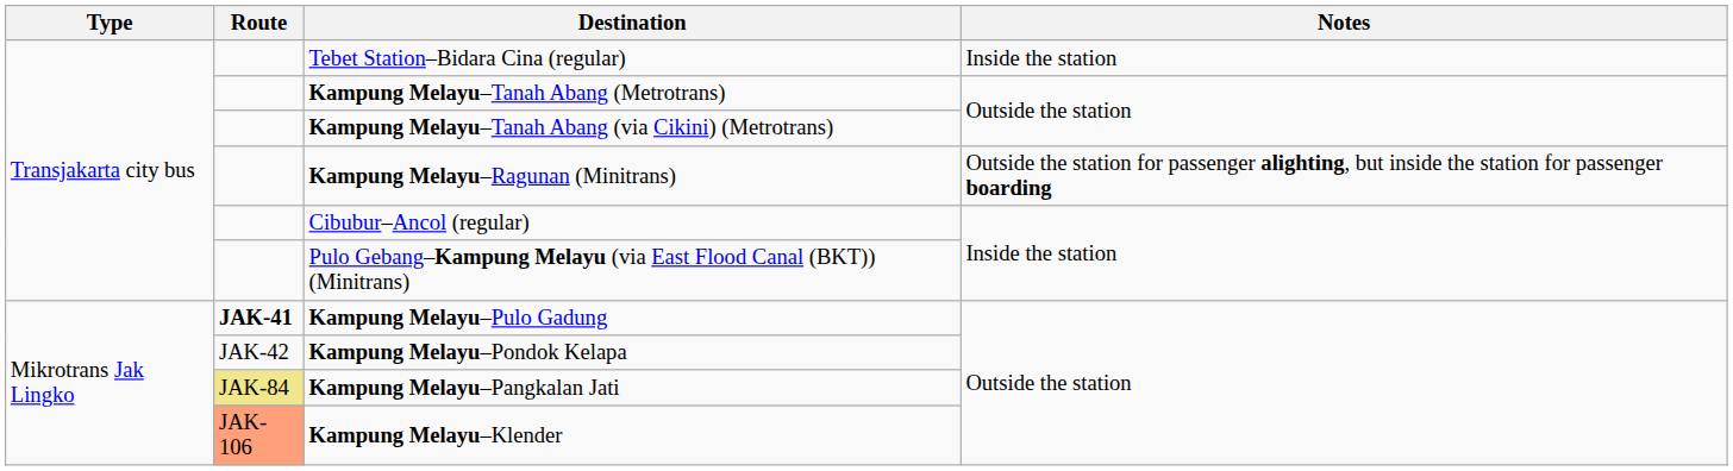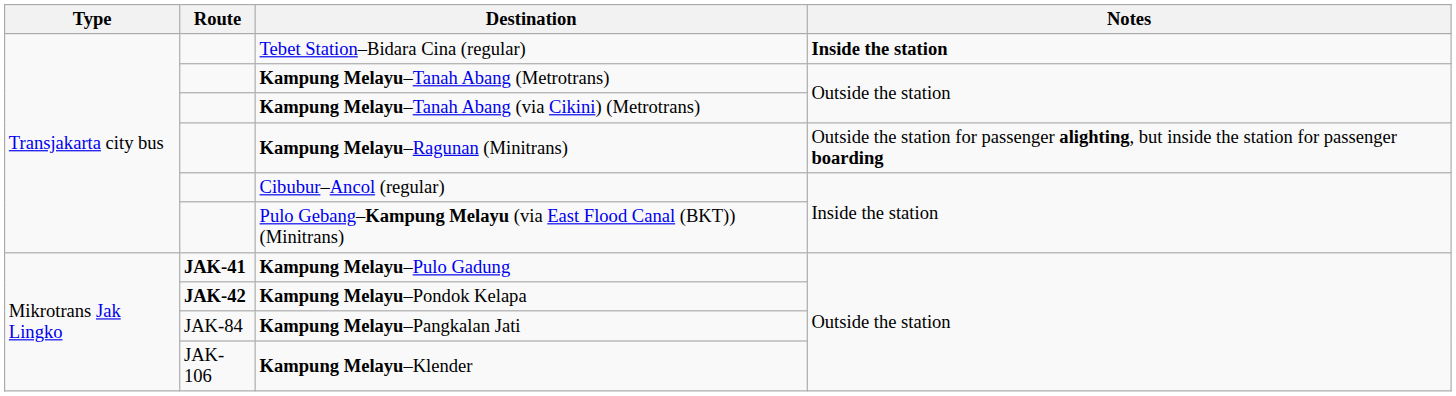 <table class="wikitable">
 <tr>
 <th>Type</th>
 <th>Route</th>
 <th>Destination</th>
 <th>Notes</th>
 </tr>
 <tr>
 <td rowspan="6"><a href='#'>Transjakarta</a> city bus</td>
 <td></td>
 <td><a href='#'>Tebet Station</a>–Bidara Cina (regular)</td>
-<td>Inside the station</td>
+<td><strong>Inside the station</strong></td>
 </tr>
 <tr>
 <td></td>
 <td><strong>Kampung Melayu</strong>–<a href='#'>Tanah Abang</a> (Metrotrans)</td>
 <td rowspan="2">Outside the station</td>
 </tr>
 <tr>
 <td></td>
 <td><strong>Kampung Melayu</strong>–<a href='#'>Tanah Abang</a> (via <a href='#'>Cikini</a>) (Metrotrans)</td>
 </tr>
 <tr>
 <td></td>
 <td><strong>Kampung Melayu</strong>–<a href='#'>Ragunan</a> (Minitrans)</td>
 <td>Outside the station for passenger <strong>alighting</strong>, but inside the station for passenger <strong>boarding</strong></td>
 </tr>
 <tr>
 <td></td>
 <td><a href='#'>Cibubur</a>–<a href='#'>Ancol</a> (regular)</td>
 <td rowspan="2">Inside the station</td>
 </tr>
 <tr>
 <td></td>
 <td><a href='#'>Pulo Gebang</a>–<strong>Kampung Melayu</strong> (via <a href='#'>East Flood Canal</a> (BKT)) (Minitrans)</td>
 </tr>
 <tr>
 <td rowspan="4">Mikrotrans <a href='#'>Jak Lingko</a></td>
 <td><strong>JAK-41</strong></td>
 <td><strong>Kampung Melayu</strong>–<a href='#'>Pulo Gadung</a></td>
 <td rowspan="4">Outside the station</td>
 </tr>
 <tr>
-<td>JAK-42</td>
+<td><strong>JAK-42</strong></td>
 <td><strong>Kampung Melayu</strong>–Pondok Kelapa</td>
 </tr>
 <tr>
-<td style="background: khaki;">JAK-84</td>
+<td>JAK-84</td>
 <td><strong>Kampung Melayu</strong>–Pangkalan Jati</td>
 </tr>
 <tr>
-<td style="background: lightsalmon;">JAK-106</td>
+<td>JAK-106</td>
 <td><strong>Kampung Melayu</strong>–Klender</td>
 </tr>
 </table>
